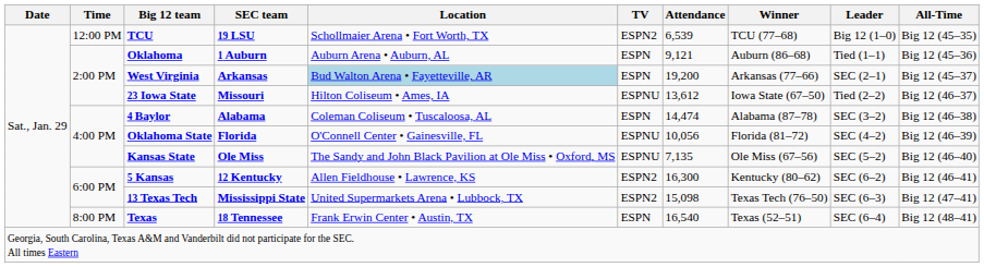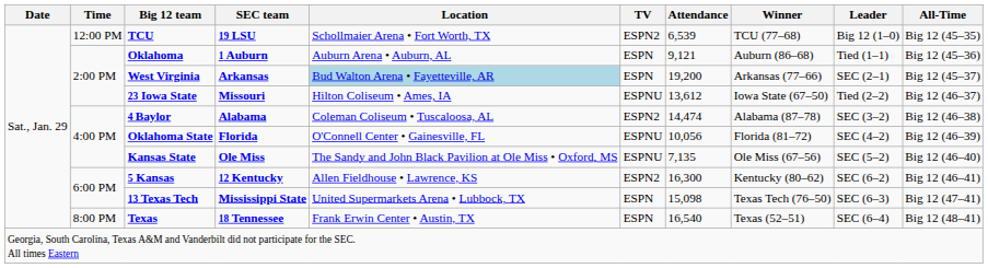 <table class="wikitable" style="font-size: 95%">
 <tr style="text-align:center;">
 <th>Date</th>
 <th>Time</th>
 <th>Big 12 team</th>
 <th>SEC team</th>
 <th>Location</th>
 <th>TV</th>
 <th>Attendance</th>
 <th>Winner</th>
 <th>Leader</th>
 <th>All-Time</th>
 </tr>
 <tr>
 <td rowspan=10>Sat., Jan. 29</td>
 <td>12:00 PM</td>
 <td><strong><a href='#'><span>TCU</span></a></strong></td>
 <td><strong><a href='#'><span><small>19</small> LSU</span></a></strong></td>
 <td><a href='#'>Schollmaier Arena</a> • <a href='#'>Fort Worth, TX</a></td>
 <td>ESPN2</td>
 <td>6,539</td>
 <td>TCU (77–68)</td>
 <td>Big 12 (1–0)</td>
 <td>Big 12 (45–35)</td>
 </tr>
 <tr>
 <td rowspan="3">2:00 PM</td>
 <td><strong><a href='#'><span>Oklahoma</span></a></strong></td>
 <td><strong><a href='#'><span><small>1</small> Auburn</span></a></strong></td>
 <td><a href='#'>Auburn Arena</a> • <a href='#'>Auburn, AL</a></td>
 <td>ESPN</td>
 <td>9,121</td>
 <td>Auburn (86–68)</td>
 <td>Tied (1–1)</td>
 <td>Big 12 (45–36)</td>
 </tr>
 <tr>
 <td><strong><a href='#'><span>West Virginia</span></a></strong></td>
 <td><strong><a href='#'><span>Arkansas</span></a></strong></td>
 <td style="background: lightblue;"><a href='#'>Bud Walton Arena</a> • <a href='#'>Fayetteville, AR</a></td>
 <td>ESPN</td>
 <td>19,200</td>
 <td>Arkansas (77–66)</td>
 <td>SEC (2–1)</td>
 <td>Big 12 (45–37)</td>
 </tr>
 <tr>
 <td><strong><a href='#'><span> <small>23</small> Iowa State</span></a></strong></td>
 <td><strong><a href='#'><span>Missouri</span></a></strong></td>
 <td><a href='#'>Hilton Coliseum</a> • <a href='#'>Ames, IA</a></td>
 <td>ESPNU</td>
 <td>13,612</td>
 <td>Iowa State (67–50)</td>
 <td>Tied (2–2)</td>
 <td>Big 12 (46–37)</td>
 </tr>
 <tr>
 <td rowspan="3">4:00 PM</td>
 <td><strong><a href='#'><span><small>4 </small>Baylor</span></a></strong></td>
 <td><strong><a href='#'><span>Alabama</span></a></strong></td>
 <td><a href='#'>Coleman Coliseum</a> • <a href='#'>Tuscaloosa, AL</a></td>
-<td>ESPN</td>
+<td>ESPN2</td>
 <td>14,474</td>
 <td>Alabama (87–78)</td>
 <td>SEC (3–2)</td>
 <td>Big 12 (46–38)</td>
 </tr>
 <tr>
 <td><strong><a href='#'><span>Oklahoma State</span></a></strong></td>
 <td><strong><a href='#'><span>Florida</span></a></strong></td>
 <td><a href='#'>O'Connell Center</a> • <a href='#'>Gainesville, FL</a></td>
 <td>ESPNU</td>
 <td>10,056</td>
 <td>Florida (81–72)</td>
 <td>SEC (4–2)</td>
 <td>Big 12 (46–39)</td>
 </tr>
 <tr>
 <td><strong><a href='#'><span>Kansas State</span></a></strong></td>
 <td><strong><a href='#'><span>Ole Miss</span></a></strong></td>
 <td><a href='#'>The Sandy and John Black Pavilion at Ole Miss</a> • <a href='#'>Oxford, MS</a></td>
 <td>ESPNU</td>
 <td>7,135</td>
 <td>Ole Miss (67–56)</td>
 <td>SEC (5–2)</td>
 <td>Big 12 (46–40)</td>
 </tr>
 <tr>
 <td rowspan="2">6:00 PM</td>
 <td><strong><a href='#'><span><small>5</small> Kansas</span></a></strong></td>
 <td><strong><a href='#'><span><small>12</small> Kentucky</span></a></strong></td>
 <td><a href='#'>Allen Fieldhouse</a> • <a href='#'>Lawrence, KS</a></td>
 <td>ESPN2</td>
 <td>16,300</td>
 <td>Kentucky (80–62)</td>
 <td>SEC (6–2)</td>
 <td>Big 12 (46–41)</td>
 </tr>
 <tr>
 <td><strong><a href='#'><span><small>13</small> Texas Tech</span></a></strong></td>
 <td><strong><a href='#'><span>Mississippi State</span></a></strong></td>
 <td><a href='#'>United Supermarkets Arena</a> • <a href='#'>Lubbock, TX</a></td>
-<td>ESPN2</td>
+<td>ESPN</td>
 <td>15,098</td>
 <td>Texas Tech (76–50)</td>
 <td>SEC (6–3)</td>
 <td>Big 12 (47–41)</td>
 </tr>
 <tr>
 <td>8:00 PM</td>
 <td><strong><a href='#'><span>Texas</span></a></strong></td>
 <td><strong><a href='#'><span><small>18</small> Tennessee</span></a></strong></td>
 <td><a href='#'>Frank Erwin Center</a> • <a href='#'>Austin, TX</a></td>
 <td>ESPN</td>
 <td>16,540</td>
 <td>Texas (52–51)</td>
 <td>SEC (6–4)</td>
 <td>Big 12 (48–41)</td>
 </tr>
 <tr>
 <td colspan="11"><small>Georgia, South Carolina, Texas A&M and Vanderbilt did not participate for the SEC.<br>All times <a href='#'>Eastern</a></small></td>
 </tr>
 </table>
